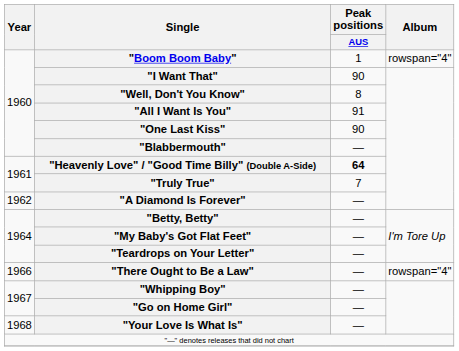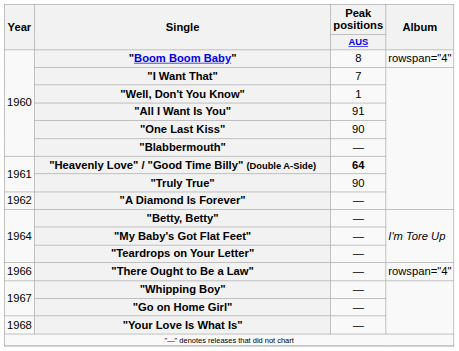 <table class="wikitable plainrowheaders" style="text-align:center;">
 <tr>
 <th rowspan="2">Year</th>
 <th rowspan="2" style="width:26em;">Single</th>
 <th>Peak positions</th>
 <th rowspan="2">Album</th>
 </tr>
 <tr style="font-size:smaller;">
 <th width="65"><a href='#'>AUS</a></th>
 </tr>
 <tr>
 <td rowspan="6">1960</td>
 <th scope="row">"<a href='#'>Boom Boom Baby</a>"</th>
-<td>1</td>
+<td>8</td>
 <td>rowspan="4" </td>
 </tr>
 <tr>
 <th scope="row">"I Want That"</th>
-<td>90</td>
+<td>7</td>
 </tr>
 <tr>
 <th scope="row">"Well, Don't You Know"</th>
-<td>8</td>
+<td>1</td>
 </tr>
 <tr>
 <th scope="row">"All I Want Is You"</th>
 <td>91</td>
 </tr>
 <tr>
 <th scope="row">"One Last Kiss"</th>
 <td>90</td>
 </tr>
 <tr>
 <th scope="row">"Blabbermouth"</th>
 <td>—</td>
 </tr>
 <tr>
 <td rowspan="2">1961</td>
 <th scope="row">"Heavenly Love" / "Good Time Billy" <small>(Double A-Side)</small></th>
 <td><strong>64</strong></td>
 </tr>
 <tr>
 <th scope="row">"Truly True"</th>
-<td>7</td>
+<td>90</td>
 </tr>
 <tr>
 <td>1962</td>
 <th scope="row">"A Diamond Is Forever"</th>
 <td>—</td>
 </tr>
 <tr>
 <td rowspan="3">1964</td>
 <th scope="row">"Betty, Betty"</th>
 <td>—</td>
 <td align="left" rowspan="3"><em>I'm Tore Up</em></td>
 </tr>
 <tr>
 <th scope="row">"My Baby's Got Flat Feet"</th>
 <td>—</td>
 </tr>
 <tr>
 <th scope="row">"Teardrops on Your Letter"</th>
 <td>—</td>
 </tr>
 <tr>
 <td>1966</td>
 <th scope="row">"There Ought to Be a Law"</th>
 <td>—</td>
 <td>rowspan="4" </td>
 </tr>
 <tr>
 <td rowspan="2">1967</td>
 <th scope="row">"Whipping Boy"</th>
 <td>—</td>
 </tr>
 <tr>
 <th scope="row">"Go on Home Girl"</th>
 <td>—</td>
 </tr>
 <tr>
 <td>1968</td>
 <th scope="row">"Your Love Is What Is"</th>
 <td>—</td>
 </tr>
 <tr>
 <td colspan="4" style="font-size: 8pt">"—" denotes releases that did not chart</td>
 </tr>
 <tr>
 </tr>
 </table>
